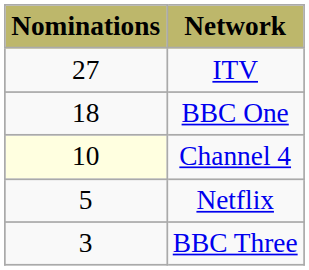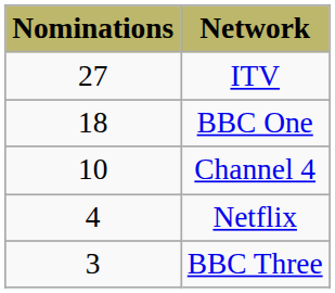 <table class="wikitable" style="text-align:center;">
 <tr>
 <th style="background:#BDB76B;">Nominations</th>
 <th style="background:#BDB76B;">Network</th>
 </tr>
 <tr>
 <td>27</td>
 <td><a href='#'>ITV</a></td>
 </tr>
 <tr>
 <td>18</td>
 <td><a href='#'>BBC One</a></td>
 </tr>
 <tr>
-<td style="background: lightyellow;">10</td>
+<td>10</td>
 <td><a href='#'>Channel 4</a></td>
 </tr>
 <tr>
-<td>5</td>
+<td>4</td>
 <td><a href='#'>Netflix</a></td>
 </tr>
 <tr>
 <td>3</td>
 <td><a href='#'>BBC Three</a></td>
 </tr>
 </table>
